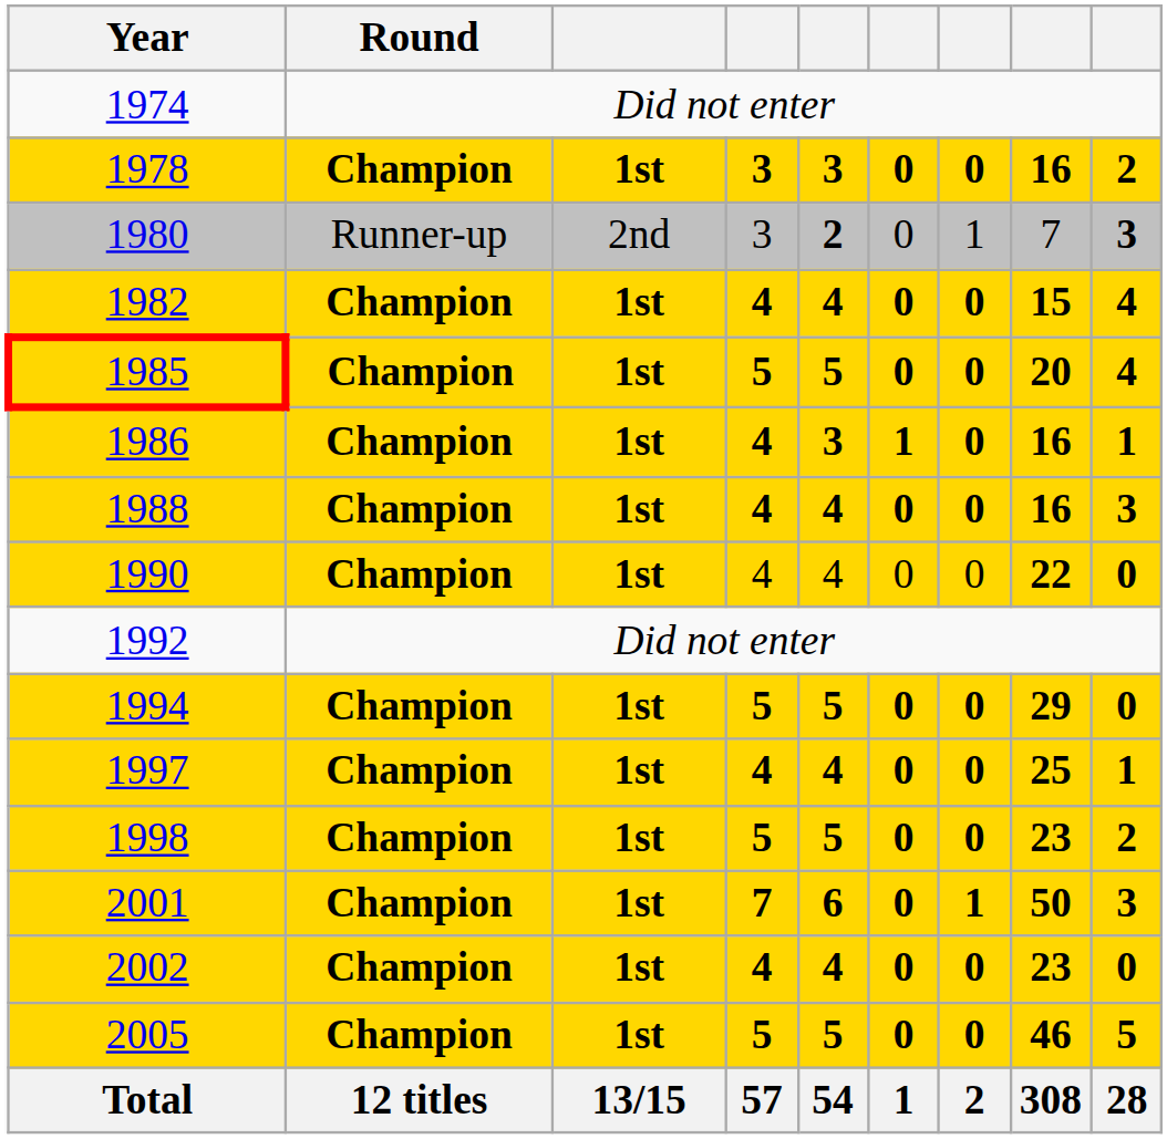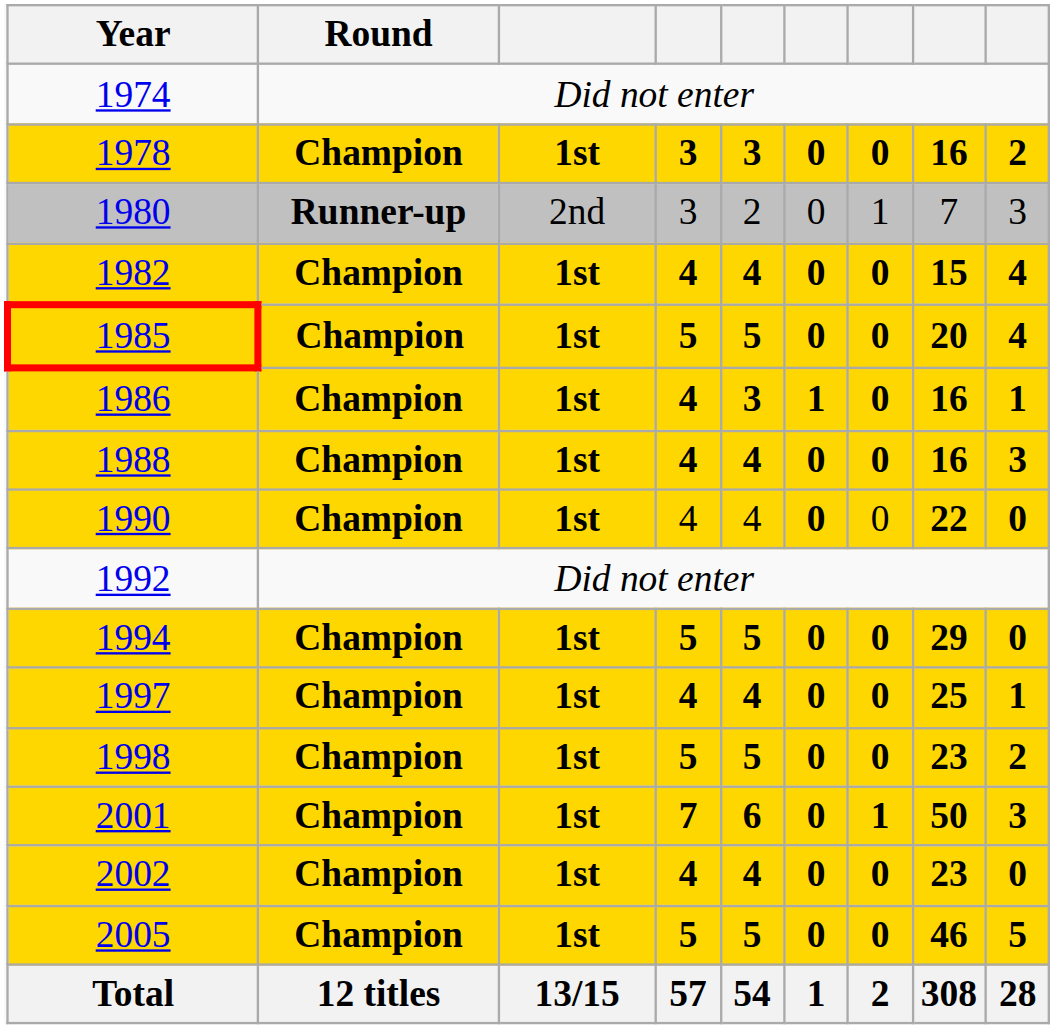 <table class="wikitable" style="text-align: center;">
 <tr>
 <th width=100>Year</th>
 <th width=95>Round</th>
 <th width=60></th>
 <th width=20></th>
 <th width=20></th>
 <th width=20></th>
 <th width=20></th>
 <th width=20></th>
 <th width=20></th>
 </tr>
 <tr>
 <td> <a href='#'>1974</a></td>
 <td colspan=8><em>Did not enter</em></td>
 </tr>
 <tr style="background:Gold;">
 <td> <a href='#'>1978</a></td>
 <td><strong>Champion</strong></td>
 <td><strong>1st</strong></td>
 <td><strong>3</strong></td>
 <td><strong>3</strong></td>
 <td><strong>0</strong></td>
 <td><strong>0</strong></td>
 <td><strong>16</strong></td>
 <td><strong>2</strong></td>
 </tr>
 <tr style="background:Silver;">
 <td> <a href='#'>1980</a></td>
-<td>Runner-up</td>
+<td><strong>Runner-up</strong></td>
 <td>2nd</td>
 <td>3</td>
-<td><strong>2</strong></td>
+<td>2</td>
 <td>0</td>
 <td>1</td>
 <td>7</td>
-<td><strong>3</strong></td>
+<td>3</td>
 </tr>
 <tr style="background:Gold;">
 <td> <a href='#'>1982</a></td>
 <td><strong>Champion</strong></td>
 <td><strong>1st</strong></td>
 <td><strong>4</strong></td>
 <td><strong>4</strong></td>
 <td><strong>0</strong></td>
 <td><strong>0</strong></td>
 <td><strong>15</strong></td>
 <td><strong>4</strong></td>
 </tr>
 <tr style="background:Gold;">
 <td style="border: 3px solid red"> <a href='#'>1985</a></td>
 <td><strong>Champion</strong></td>
 <td><strong>1st</strong></td>
 <td><strong>5</strong></td>
 <td><strong>5</strong></td>
 <td><strong>0</strong></td>
 <td><strong>0</strong></td>
 <td><strong>20</strong></td>
 <td><strong>4</strong></td>
 </tr>
 <tr style="background:Gold;">
 <td> <a href='#'>1986</a></td>
 <td><strong>Champion</strong></td>
 <td><strong>1st</strong></td>
 <td><strong>4</strong></td>
 <td><strong>3</strong></td>
 <td><strong>1</strong></td>
 <td><strong>0</strong></td>
 <td><strong>16</strong></td>
 <td><strong>1</strong></td>
 </tr>
 <tr style="background:Gold;">
 <td> <a href='#'>1988</a></td>
 <td><strong>Champion</strong></td>
 <td><strong>1st</strong></td>
 <td><strong>4</strong></td>
 <td><strong>4</strong></td>
 <td><strong>0</strong></td>
 <td><strong>0</strong></td>
 <td><strong>16</strong></td>
 <td><strong>3</strong></td>
 </tr>
 <tr style="background:Gold;">
 <td> <a href='#'>1990</a></td>
 <td><strong>Champion</strong></td>
 <td><strong>1st</strong></td>
 <td>4</td>
 <td>4</td>
-<td>0</td>
+<td><strong>0</strong></td>
 <td>0</td>
 <td><strong>22</strong></td>
 <td><strong>0</strong></td>
 </tr>
 <tr>
 <td> <a href='#'>1992</a></td>
 <td colspan=8><em>Did not enter</em></td>
 </tr>
 <tr style="background:Gold;">
 <td> <a href='#'>1994</a></td>
 <td><strong>Champion</strong></td>
 <td><strong>1st</strong></td>
 <td><strong>5</strong></td>
 <td><strong>5</strong></td>
 <td><strong>0</strong></td>
 <td><strong>0</strong></td>
 <td><strong>29</strong></td>
 <td><strong>0</strong></td>
 </tr>
 <tr style="background:Gold;">
 <td> <a href='#'>1997</a></td>
 <td><strong>Champion</strong></td>
 <td><strong>1st</strong></td>
 <td><strong>4</strong></td>
 <td><strong>4</strong></td>
 <td><strong>0</strong></td>
 <td><strong>0</strong></td>
 <td><strong>25</strong></td>
 <td><strong>1</strong></td>
 </tr>
 <tr style="background:Gold;">
 <td> <a href='#'>1998</a></td>
 <td><strong>Champion</strong></td>
 <td><strong>1st</strong></td>
 <td><strong>5</strong></td>
 <td><strong>5</strong></td>
 <td><strong>0</strong></td>
 <td><strong>0</strong></td>
 <td><strong>23</strong></td>
 <td><strong>2</strong></td>
 </tr>
 <tr style="background:Gold;">
 <td>  <a href='#'>2001</a></td>
 <td><strong>Champion</strong></td>
 <td><strong>1st</strong></td>
 <td><strong>7</strong></td>
 <td><strong>6</strong></td>
 <td><strong>0</strong></td>
 <td><strong>1</strong></td>
 <td><strong>50</strong></td>
 <td><strong>3</strong></td>
 </tr>
 <tr style="background:Gold;">
 <td>  <a href='#'>2002</a></td>
 <td><strong>Champion</strong></td>
 <td><strong>1st</strong></td>
 <td><strong>4</strong></td>
 <td><strong>4</strong></td>
 <td><strong>0</strong></td>
 <td><strong>0</strong></td>
 <td><strong>23</strong></td>
 <td><strong>0</strong></td>
 </tr>
 <tr style="background:Gold;">
 <td> <a href='#'>2005</a></td>
 <td><strong>Champion</strong></td>
 <td><strong>1st</strong></td>
 <td><strong>5</strong></td>
 <td><strong>5</strong></td>
 <td><strong>0</strong></td>
 <td><strong>0</strong></td>
 <td><strong>46</strong></td>
 <td><strong>5</strong></td>
 </tr>
 <tr>
 <th><strong>Total</strong></th>
 <th>12 titles</th>
 <th>13/15</th>
 <th>57</th>
 <th>54</th>
 <th>1</th>
 <th>2</th>
 <th>308</th>
 <th>28</th>
 </tr>
 </table>
